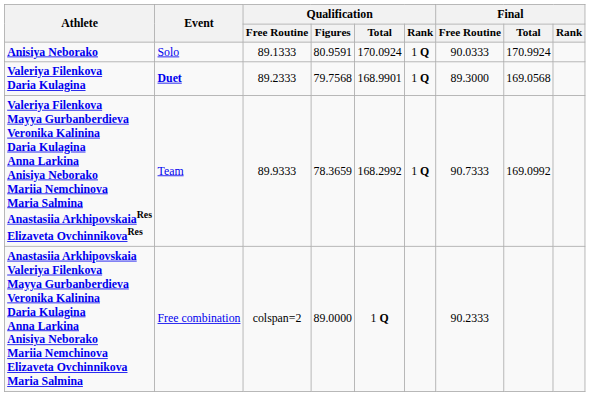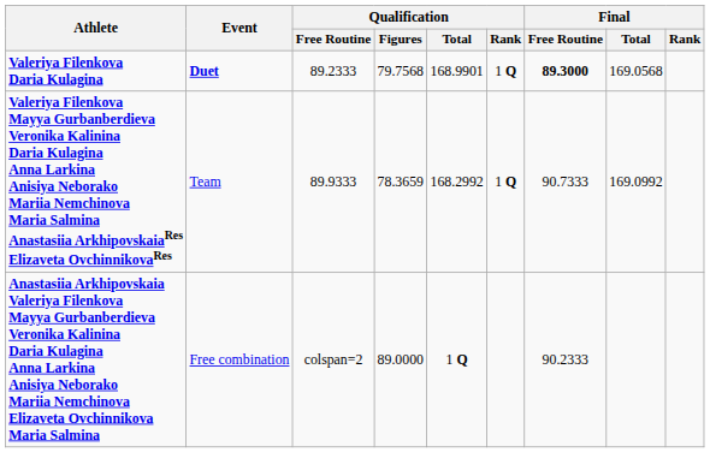 <table class="wikitable" style="text-align:center; font-size:90%">
 <tr>
 <th rowspan=2>Athlete</th>
 <th rowspan=2>Event</th>
 <th colspan=4>Qualification</th>
 <th colspan=3>Final</th>
 </tr>
 <tr style="font-size:95%">
 <th>Free Routine</th>
 <th>Figures</th>
 <th>Total</th>
 <th>Rank</th>
 <th>Free Routine</th>
 <th>Total</th>
 <th>Rank</th>
 </tr>
 <tr>
-<td align=left><strong><a href='#'>Anisiya Neborako</a></strong></td>
-<td align=left><a href='#'>Solo</a></td>
-<td>89.1333</td>
-<td>80.9591</td>
-<td>170.0924</td>
-<td>1 <strong>Q</strong></td>
-<td>90.0333</td>
-<td>170.9924</td>
-<td></td>
-</tr>
-<tr>
 <td align=left><strong><a href='#'>Valeriya Filenkova</a><br><a href='#'>Daria Kulagina</a></strong></td>
 <td align=left><strong><a href='#'>Duet</a></strong></td>
 <td>89.2333</td>
 <td>79.7568</td>
 <td>168.9901</td>
 <td>1 <strong>Q</strong></td>
-<td>89.3000</td>
+<td><strong>89.3000</strong></td>
 <td>169.0568</td>
 <td></td>
 </tr>
 <tr>
 <td align=left><strong><a href='#'>Valeriya Filenkova</a><br><a href='#'>Mayya Gurbanberdieva</a><br><a href='#'>Veronika Kalinina</a><br><a href='#'>Daria Kulagina</a><br><a href='#'>Anna Larkina</a><br><a href='#'>Anisiya Neborako</a><br><a href='#'>Mariia Nemchinova</a><br><a href='#'>Maria Salmina</a><br><a href='#'>Anastasiia Arkhipovskaia</a><sup>Res</sup><br><a href='#'>Elizaveta Ovchinnikova</a><sup>Res</sup></strong></td>
 <td align=left><a href='#'>Team</a></td>
 <td>89.9333</td>
 <td>78.3659</td>
 <td>168.2992</td>
 <td>1 <strong>Q</strong></td>
 <td>90.7333</td>
 <td>169.0992</td>
 <td></td>
 </tr>
 <tr>
 <td align=left><strong><a href='#'>Anastasiia Arkhipovskaia</a><br><a href='#'>Valeriya Filenkova</a><br><a href='#'>Mayya Gurbanberdieva</a><br><a href='#'>Veronika Kalinina</a><br><a href='#'>Daria Kulagina</a><br><a href='#'>Anna Larkina</a><br><a href='#'>Anisiya Neborako</a><br><a href='#'>Mariia Nemchinova</a><br><a href='#'>Elizaveta Ovchinnikova</a><br><a href='#'>Maria Salmina</a></strong></td>
 <td align=left><a href='#'>Free combination</a></td>
 <td>colspan=2 </td>
 <td>89.0000</td>
 <td>1 <strong>Q</strong></td>
 <td></td>
 <td>90.2333</td>
 <td></td>
 </tr>
 </table>
